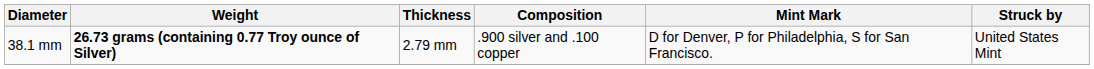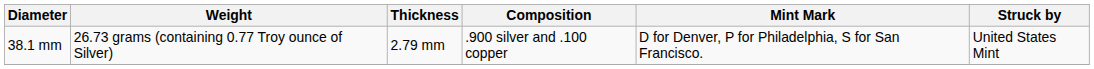 <table class="wikitable">
 <tr>
 <th>Diameter</th>
 <th>Weight</th>
 <th>Thickness</th>
 <th>Composition</th>
 <th>Mint Mark</th>
 <th>Struck by</th>
 </tr>
 <tr>
 <td>38.1 mm</td>
-<td><strong>26.73 grams (containing 0.77 Troy ounce of Silver)</strong></td>
+<td>26.73 grams (containing 0.77 Troy ounce of Silver)</td>
 <td>2.79 mm</td>
 <td>.900 silver and .100 copper</td>
 <td>D for Denver, P for Philadelphia, S for San Francisco.</td>
 <td>United States Mint</td>
 </tr>
 <tr>
 </tr>
 </table>
